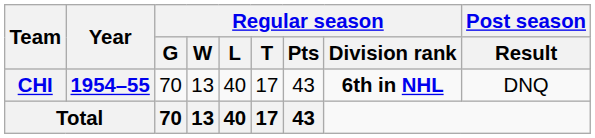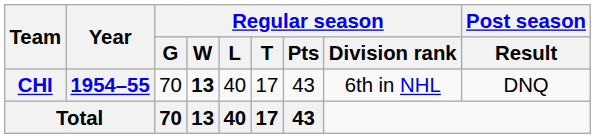 <table class="wikitable" style="font-size: 95%; text-align:center;">
 <tr>
 <th rowspan="2">Team</th>
 <th rowspan="2">Year</th>
 <th colspan="6"><a href='#'>Regular season</a></th>
 <th colspan="1"><a href='#'>Post season</a></th>
 </tr>
 <tr>
 <th>G</th>
 <th>W</th>
 <th>L</th>
 <th>T</th>
 <th>Pts</th>
 <th>Division rank</th>
 <th>Result</th>
 </tr>
 <tr>
 <th><a href='#'>CHI</a></th>
 <th><a href='#'>1954–55</a></th>
 <td>70</td>
-<td>13</td>
+<td><strong>13</strong></td>
 <td>40</td>
 <td>17</td>
 <td>43</td>
-<td><strong>6th in <a href='#'>NHL</a></strong></td>
+<td>6th in <a href='#'>NHL</a></td>
 <td>DNQ</td>
 </tr>
 <tr>
 <th colspan="2">Total</th>
 <th>70</th>
 <th>13</th>
 <th>40</th>
 <th>17</th>
 <th>43</th>
 </tr>
 </table>
